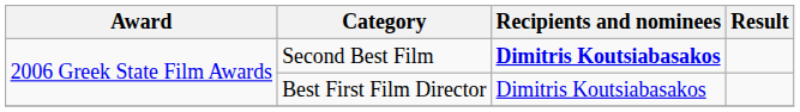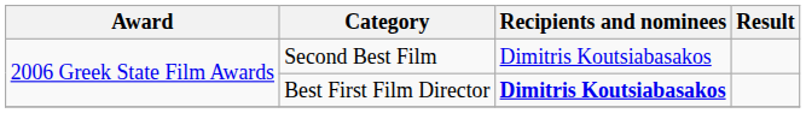 <table class="wikitable">
 <tr>
 <th>Award</th>
 <th>Category</th>
 <th>Recipients and nominees</th>
 <th>Result</th>
 </tr>
 <tr>
 <td rowspan="2"><a href='#'>2006 Greek State Film Awards</a></td>
 <td>Second Best Film</td>
-<td><strong><a href='#'>Dimitris Koutsiabasakos</a></strong></td>
+<td><a href='#'>Dimitris Koutsiabasakos</a></td>
 <td></td>
 </tr>
 <tr>
 <td>Best First Film Director</td>
-<td><a href='#'>Dimitris Koutsiabasakos</a></td>
+<td><strong><a href='#'>Dimitris Koutsiabasakos</a></strong></td>
 <td></td>
 </tr>
 <tr>
 </tr>
 </table>
